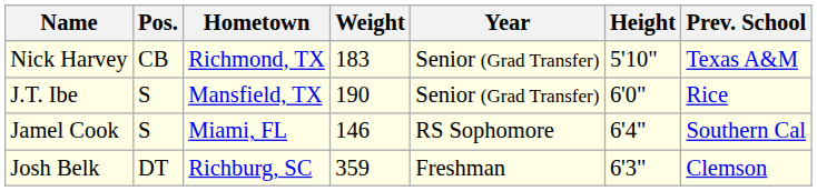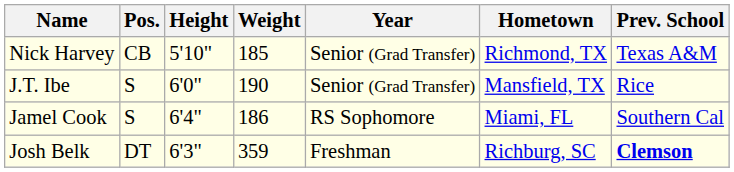 <table class="wikitable sortable">
 <tr>
 <th>Name</th>
 <th>Pos.</th>
-<th>Hometown</th>
+<th>Height</th>
 <th>Weight</th>
 <th>Year</th>
-<th>Height</th>
+<th>Hometown</th>
 <th class="unsortable">Prev. School</th>
 </tr>
 <tr style="background:#FFFFE6;">
 <td>Nick Harvey</td>
 <td>CB</td>
+<td>5'10"</td>
+<td>185</td>
+<td>Senior <small>(Grad Transfer)</small></td>
 <td><a href='#'>Richmond, TX</a></td>
-<td>183</td>
-<td>Senior <small>(Grad Transfer)</small></td>
-<td>5'10"</td>
 <td><a href='#'>Texas A&M</a></td>
 </tr>
 <tr style="background:#FFFFE6;">
 <td>J.T. Ibe</td>
 <td>S</td>
-<td><a href='#'>Mansfield, TX</a></td>
+<td>6'0"</td>
 <td>190</td>
 <td>Senior <small>(Grad Transfer)</small></td>
-<td>6'0"</td>
+<td><a href='#'>Mansfield, TX</a></td>
 <td><a href='#'>Rice</a></td>
 </tr>
 <tr style="background:#FFFFE6;">
 <td>Jamel Cook</td>
 <td>S</td>
+<td>6'4"</td>
+<td>186</td>
+<td>RS Sophomore</td>
 <td><a href='#'>Miami, FL</a></td>
-<td>146</td>
-<td>RS Sophomore</td>
-<td>6'4"</td>
 <td><a href='#'>Southern Cal</a></td>
 </tr>
 <tr style="background:#FFFFE6;">
 <td>Josh Belk</td>
 <td>DT</td>
-<td><a href='#'>Richburg, SC</a></td>
+<td>6'3"</td>
 <td>359</td>
 <td>Freshman</td>
-<td>6'3"</td>
-<td><a href='#'>Clemson</a></td>
+<td><a href='#'>Richburg, SC</a></td>
+<td><strong><a href='#'>Clemson</a></strong></td>
 </tr>
 </table>
